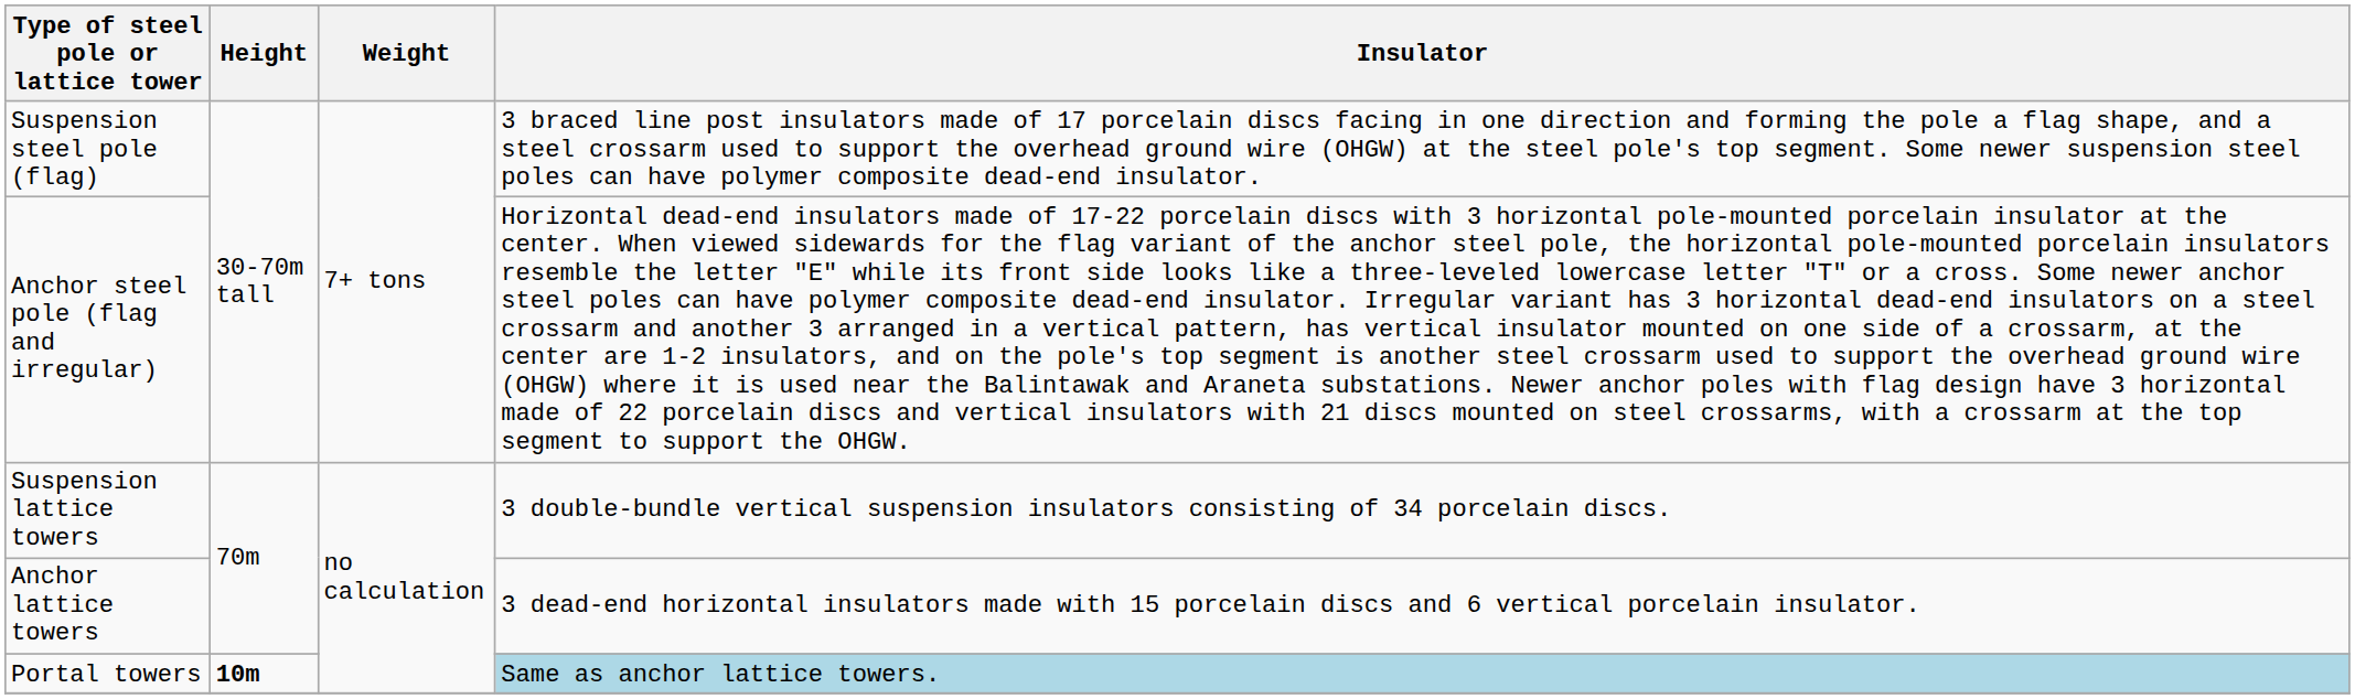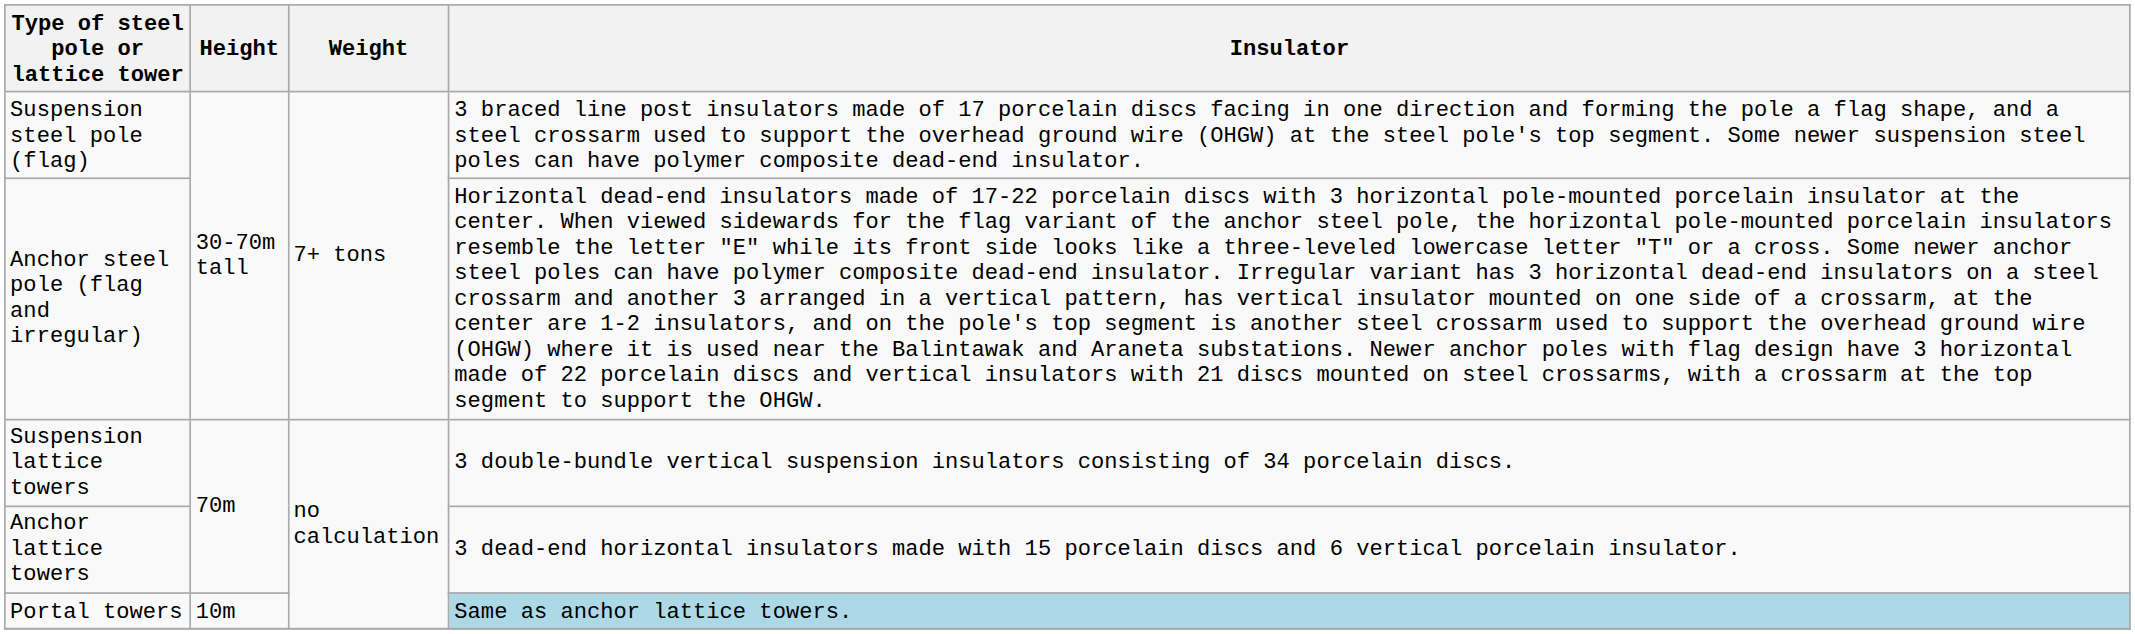 <table class="wikitable">
 <tr>
 <th>Type of steel pole or lattice tower</th>
 <th>Height</th>
 <th>Weight</th>
 <th>Insulator</th>
 </tr>
 <tr>
 <td>Suspension steel pole (flag)</td>
 <td rowspan="2">30-70m tall</td>
 <td rowspan="2">7+ tons</td>
 <td>3 braced line post insulators made of 17 porcelain discs facing in one direction and forming the pole a flag shape, and a steel crossarm used to support the overhead ground wire (OHGW) at the steel pole's top segment. Some newer suspension steel poles can have polymer composite dead-end insulator.</td>
 </tr>
 <tr>
 <td>Anchor steel pole (flag and irregular)</td>
 <td>Horizontal dead-end insulators made of 17-22 porcelain discs with 3 horizontal pole-mounted porcelain insulator at the center. When viewed sidewards for the flag variant of the anchor steel pole, the horizontal pole-mounted porcelain insulators resemble the letter "E" while its front side looks like a three-leveled lowercase letter "T" or a cross. Some newer anchor steel poles can have polymer composite dead-end insulator. Irregular variant has 3 horizontal dead-end insulators on a steel crossarm and another 3 arranged in a vertical pattern, has vertical insulator mounted on one side of a crossarm, at the center are 1-2 insulators, and on the pole's top segment is another steel crossarm used to support the overhead ground wire (OHGW) where it is used near the Balintawak and Araneta substations. Newer anchor poles with flag design have 3 horizontal made of 22 porcelain discs and vertical insulators with 21 discs mounted on steel crossarms, with a crossarm at the top segment to support the OHGW.</td>
 </tr>
 <tr>
 <td>Suspension lattice towers</td>
 <td rowspan="2">70m</td>
 <td rowspan="3">no calculation</td>
 <td>3 double-bundle vertical suspension insulators consisting of 34 porcelain discs.</td>
 </tr>
 <tr>
 <td>Anchor lattice towers</td>
 <td>3 dead-end horizontal insulators made with 15 porcelain discs and 6 vertical porcelain insulator.</td>
 </tr>
 <tr>
 <td>Portal towers</td>
-<td><strong>10m</strong></td>
+<td>10m</td>
 <td style="background: lightblue;">Same as anchor lattice towers.</td>
 </tr>
 <tr>
 </tr>
 </table>
